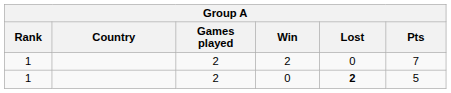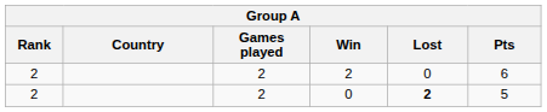 <table class="wikitable" style= "text-align: center; Width:50%">
 <tr>
 <th colspan= 6>Group A</th>
 </tr>
 <tr>
 <th width=2%>Rank</th>
 <th width=10%>Country</th>
 <th width=5%>Games <br> played</th>
 <th width=5%>Win</th>
 <th width=5%>Lost</th>
 <th width=5%>Pts</th>
 </tr>
 <tr>
-<td>1</td>
+<td>2</td>
 <td style= "text-align: left"></td>
 <td>2</td>
 <td>2</td>
 <td>0</td>
-<td>7</td>
+<td>6</td>
 </tr>
 <tr>
-<td>1</td>
+<td>2</td>
 <td style= "text-align: left"></td>
 <td>2</td>
 <td>0</td>
 <td><strong>2</strong></td>
 <td>5</td>
 </tr>
 </table>
